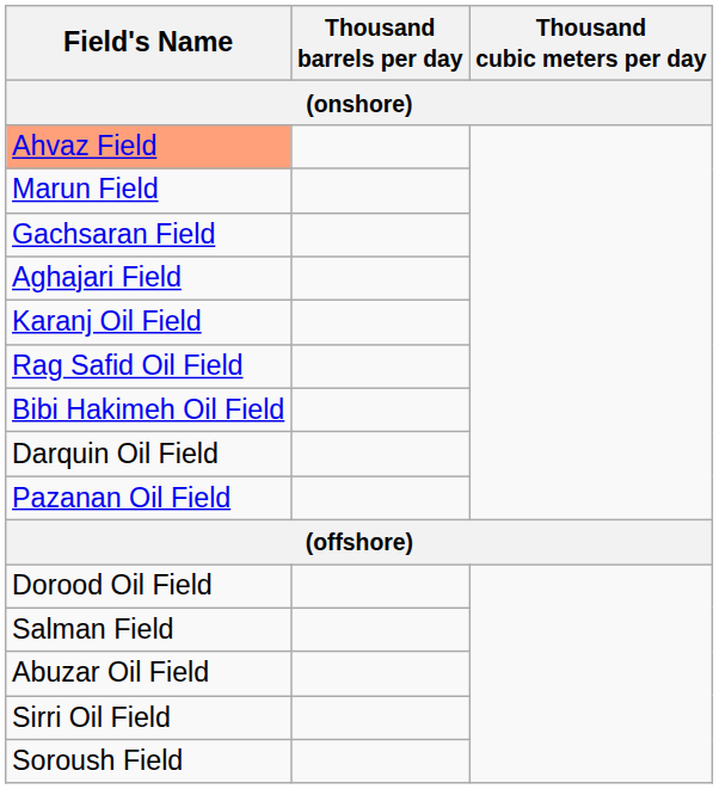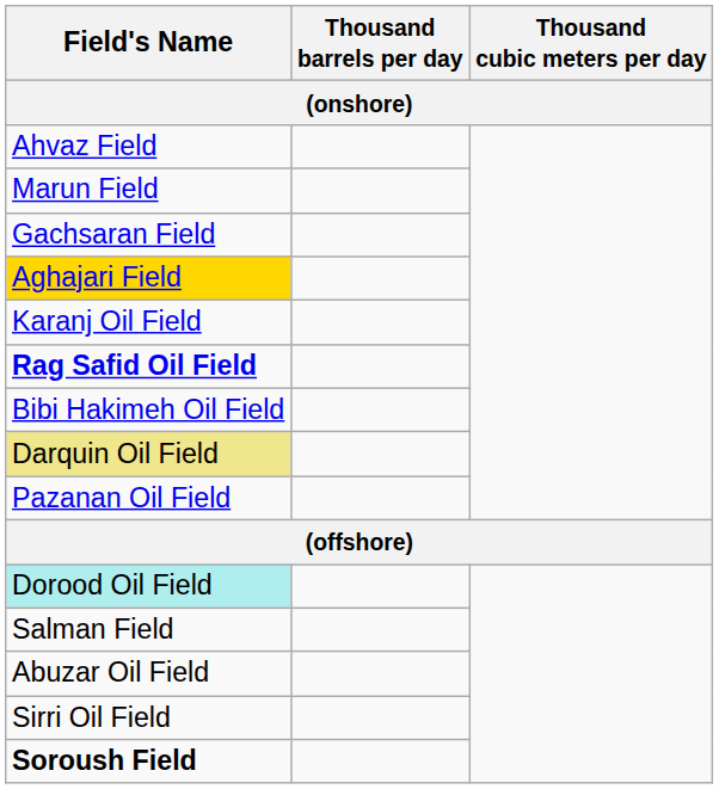 <table class="wikitable">
 <tr>
 <th>Field's Name</th>
 <th><small>Thousand<br>barrels per day</small></th>
 <th><small>Thousand<br>cubic meters per day</small></th>
 </tr>
 <tr>
 <th colspan=3><small>(onshore)</small></th>
 </tr>
 <tr>
-<td style="background: lightsalmon;"><a href='#'>Ahvaz Field</a></td>
+<td><a href='#'>Ahvaz Field</a></td>
 <td></td>
 </tr>
 <tr>
 <td><a href='#'>Marun Field</a></td>
 <td></td>
 </tr>
 <tr>
 <td><a href='#'>Gachsaran Field</a></td>
 <td></td>
 </tr>
 <tr>
-<td><a href='#'>Aghajari Field</a></td>
+<td style="background: gold;"><a href='#'>Aghajari Field</a></td>
 <td></td>
 </tr>
 <tr>
 <td><a href='#'>Karanj Oil Field</a></td>
 <td></td>
 </tr>
 <tr>
-<td><a href='#'>Rag Safid Oil Field</a></td>
+<td><strong><a href='#'>Rag Safid Oil Field</a></strong></td>
 <td></td>
 </tr>
 <tr>
 <td><a href='#'>Bibi Hakimeh Oil Field</a></td>
 <td></td>
 </tr>
 <tr>
-<td>Darquin Oil Field</td>
+<td style="background: khaki;">Darquin Oil Field</td>
 <td></td>
 </tr>
 <tr>
 <td><a href='#'>Pazanan Oil Field</a></td>
 <td></td>
 </tr>
 <tr>
 <th colspan=3><small>(offshore)</small></th>
 </tr>
 <tr>
-<td>Dorood Oil Field</td>
+<td style="background: paleturquoise;">Dorood Oil Field</td>
 <td></td>
 </tr>
 <tr>
 <td>Salman Field</td>
 <td></td>
 </tr>
 <tr>
 <td>Abuzar Oil Field</td>
 <td></td>
 </tr>
 <tr>
 <td>Sirri Oil Field</td>
 <td></td>
 </tr>
 <tr>
-<td>Soroush Field</td>
+<td><strong>Soroush Field</strong></td>
 <td></td>
 </tr>
 </table>
